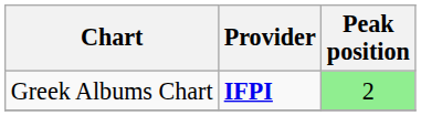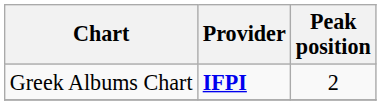 <table class="wikitable">
 <tr>
 <th>Chart</th>
 <th>Provider</th>
 <th>Peak<br>position</th>
 </tr>
 <tr>
 <td>Greek Albums Chart</td>
 <td><strong><a href='#'>IFPI</a></strong></td>
-<td align="center" style="background: lightgreen;">2</td>
+<td align="center">2</td>
 </tr>
 <tr>
 </tr>
 </table>
